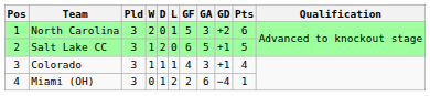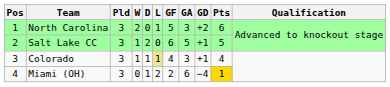 <table class="wikitable" style="text-align:center">
 <tr>
 <th>Pos</th>
 <th>Team</th>
 <th>Pld</th>
 <th>W</th>
 <th>D</th>
 <th>L</th>
 <th>GF</th>
 <th>GA</th>
 <th>GD</th>
 <th>Pts</th>
 <th>Qualification</th>
 </tr>
 <tr bgcolor="#9eff9e">
 <td>1</td>
 <td style="text-align:left">North Carolina</td>
 <td>3</td>
 <td>2</td>
 <td>0</td>
 <td>1</td>
 <td>5</td>
 <td>3</td>
 <td>+2</td>
 <td>6</td>
 <td rowspan="2">Advanced to knockout stage</td>
 </tr>
 <tr bgcolor="#9eff9e">
 <td>2</td>
 <td style="text-align:left">Salt Lake CC</td>
 <td>3</td>
 <td>1</td>
 <td>2</td>
 <td>0</td>
 <td>6</td>
 <td>5</td>
 <td>+1</td>
 <td>5</td>
 </tr>
 <tr>
 <td>3</td>
 <td style="text-align:left">Colorado</td>
 <td>3</td>
 <td>1</td>
 <td>1</td>
-<td>1</td>
+<td style="background: khaki;">1</td>
 <td>4</td>
 <td>3</td>
 <td>+1</td>
 <td>4</td>
 <td rowspan="2"></td>
 </tr>
 <tr>
 <td>4</td>
 <td style="text-align:left">Miami (OH)</td>
 <td>3</td>
 <td>0</td>
 <td>1</td>
 <td>2</td>
 <td>2</td>
 <td>6</td>
 <td>−4</td>
-<td>1</td>
+<td style="background: gold;">1</td>
 </tr>
 </table>
